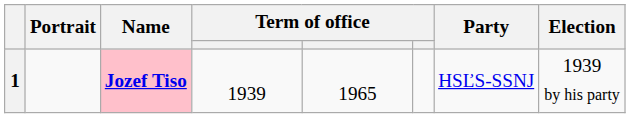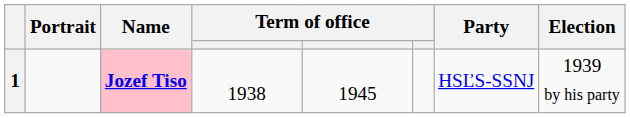 <table class="wikitable" style="line-height:1.4em; text-align:center; border:1px #aaf solid;">
 <tr>
 <th rowspan="2" width="10"></th>
 <th rowspan="2">Portrait</th>
 <th rowspan="2">Name<br></th>
 <th colspan="3">Term of office</th>
 <th rowspan="2">Party</th>
 <th rowspan="2" width="65">Election</th>
 </tr>
 <tr>
 <th width="85"></th>
 <th width="85"></th>
 <th width="10"></th>
 </tr>
 <tr>
 <th style="background: "><strong>1</strong></th>
 <td></td>
 <td style="background: pink;"><strong><a href='#'>Jozef Tiso</a></strong><br></td>
-<td class="nowrap"><br>1939</td>
-<td class="nowrap"><br>1965</td>
+<td class="nowrap"><br>1938</td>
+<td class="nowrap"><br>1945</td>
 <td></td>
 <td><a href='#'>HSĽS-SSNJ</a></td>
 <td>1939<br><small>by his party</small></td>
 </tr>
 </table>
